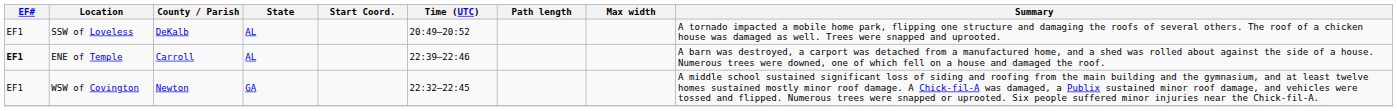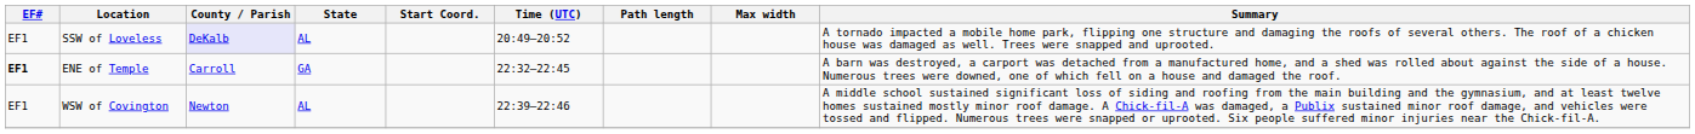 <table class="wikitable sortable" style="width:100%;">
 <tr>
 <th scope="col"  style="width:3%; text-align:center;"><a href='#'>EF#</a></th>
 <th scope="col"  style="width:7%; text-align:center;" class="unsortable">Location</th>
 <th scope="col"  style="width:6%; text-align:center;" class="unsortable">County / Parish</th>
 <th scope="col"  style="width:5%; text-align:center;">State</th>
 <th scope="col"  style="width:6%; text-align:center;">Start Coord.</th>
 <th scope="col"  style="width:6%; text-align:center;">Time (<a href='#'>UTC</a>)</th>
 <th scope="col"  style="width:6%; text-align:center;">Path length</th>
 <th scope="col"  style="width:6%; text-align:center;">Max width</th>
 <th scope="col" class="unsortable" style="width:48%; text-align:center;">Summary</th>
 </tr>
 <tr>
 <td>EF1</td>
 <td>SSW of <a href='#'>Loveless</a></td>
-<td><a href='#'>DeKalb</a></td>
+<td style="background: lavender;"><a href='#'>DeKalb</a></td>
 <td><a href='#'>AL</a></td>
 <td></td>
 <td>20:49–20:52</td>
 <td></td>
 <td></td>
 <td>A tornado impacted a mobile home park, flipping one structure and damaging the roofs of several others. The roof of a chicken house was damaged as well. Trees were snapped and uprooted.</td>
 </tr>
 <tr>
 <td><strong>EF1</strong></td>
 <td>ENE of <a href='#'>Temple</a></td>
 <td><a href='#'>Carroll</a></td>
-<td><a href='#'>AL</a></td>
+<td><a href='#'>GA</a></td>
 <td></td>
-<td>22:39–22:46</td>
+<td>22:32–22:45</td>
 <td></td>
 <td></td>
 <td>A barn was destroyed, a carport was detached from a manufactured home, and a shed was rolled about  against the side of a house. Numerous trees were downed, one of which fell on a house and damaged the roof.</td>
 </tr>
 <tr>
 <td>EF1</td>
 <td>WSW of <a href='#'>Covington</a></td>
 <td><a href='#'>Newton</a></td>
-<td><a href='#'>GA</a></td>
+<td><a href='#'>AL</a></td>
 <td></td>
-<td>22:32–22:45</td>
+<td>22:39–22:46</td>
 <td></td>
 <td></td>
 <td>A middle school sustained significant loss of siding and roofing from the main building and the gymnasium, and at least twelve homes sustained mostly minor roof damage. A <a href='#'>Chick-fil-A</a> was damaged, a <a href='#'>Publix</a> sustained minor roof damage, and vehicles were tossed and flipped. Numerous trees were snapped or uprooted. Six people suffered minor injuries near the Chick-fil-A.</td>
 </tr>
 <tr>
 </tr>
 </table>
